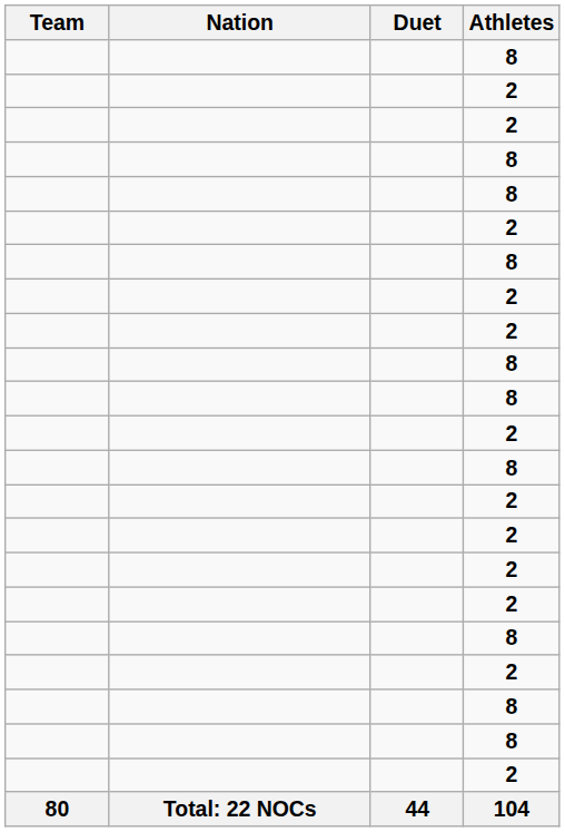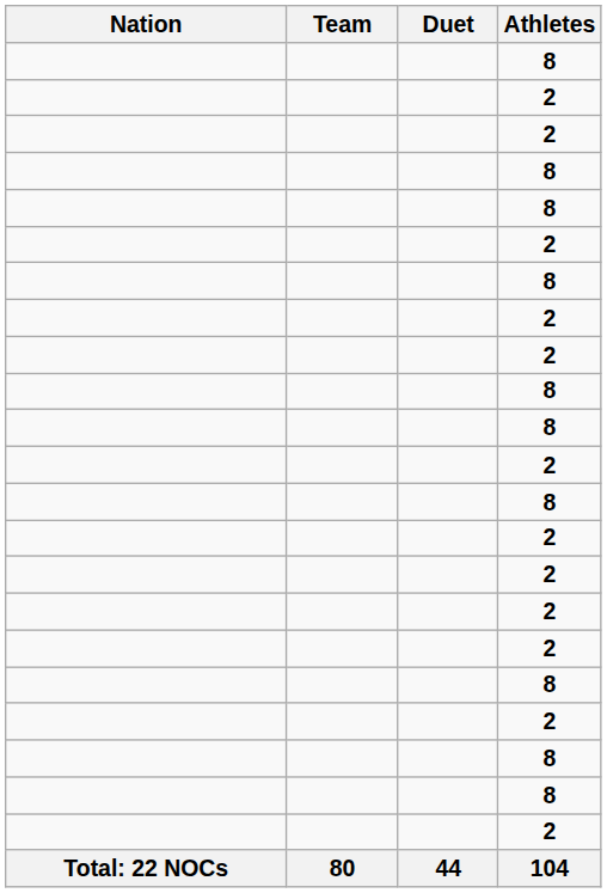 <table class="wikitable sortable" width=370 style="text-align:center; font-size:90%">
 <tr>
+<th>Nation</th>
 <th>Team</th>
-<th>Nation</th>
 <th>Duet</th>
 <th width=55>Athletes</th>
 </tr>
 <tr>
+<td style="text-align:left;"></td>
 <td></td>
-<td style="text-align:left;"></td>
 <td></td>
 <td><strong>8</strong></td>
 </tr>
 <tr>
+<td style="text-align:left;"></td>
 <td></td>
-<td style="text-align:left;"></td>
 <td></td>
 <td><strong>2</strong></td>
 </tr>
 <tr>
+<td style="text-align:left;"></td>
 <td></td>
-<td style="text-align:left;"></td>
 <td></td>
 <td><strong>2</strong></td>
 </tr>
 <tr>
+<td style="text-align:left;"></td>
 <td></td>
-<td style="text-align:left;"></td>
 <td></td>
 <td><strong>8</strong></td>
 </tr>
 <tr>
+<td style="text-align:left;"></td>
 <td></td>
-<td style="text-align:left;"></td>
 <td></td>
 <td><strong>8</strong></td>
 </tr>
 <tr>
+<td style="text-align:left;"></td>
 <td></td>
-<td style="text-align:left;"></td>
 <td></td>
 <td><strong>2</strong></td>
 </tr>
 <tr>
+<td style="text-align:left;"></td>
 <td></td>
-<td style="text-align:left;"></td>
 <td></td>
 <td><strong>8</strong></td>
 </tr>
 <tr>
+<td style="text-align:left;"></td>
 <td></td>
-<td style="text-align:left;"></td>
 <td></td>
 <td><strong>2</strong></td>
 </tr>
 <tr>
+<td style="text-align:left;"></td>
 <td></td>
-<td style="text-align:left;"></td>
 <td></td>
 <td><strong>2</strong></td>
 </tr>
 <tr>
+<td style="text-align:left;"></td>
 <td></td>
-<td style="text-align:left;"></td>
 <td></td>
 <td><strong>8</strong></td>
 </tr>
 <tr>
+<td style="text-align:left;"></td>
 <td></td>
-<td style="text-align:left;"></td>
 <td></td>
 <td><strong>8</strong></td>
 </tr>
 <tr>
+<td style="text-align:left;"></td>
 <td></td>
-<td style="text-align:left;"></td>
 <td></td>
 <td><strong>2</strong></td>
 </tr>
 <tr>
+<td style="text-align:left;"></td>
 <td></td>
-<td style="text-align:left;"></td>
 <td></td>
 <td><strong>8</strong></td>
 </tr>
 <tr>
+<td style="text-align:left;"></td>
 <td></td>
-<td style="text-align:left;"></td>
 <td></td>
 <td><strong>2</strong></td>
 </tr>
 <tr>
+<td style="text-align:left;"></td>
 <td></td>
-<td style="text-align:left;"></td>
 <td></td>
 <td><strong>2</strong></td>
 </tr>
 <tr>
+<td style="text-align:left;"></td>
 <td></td>
-<td style="text-align:left;"></td>
 <td></td>
 <td><strong>2</strong></td>
 </tr>
 <tr>
+<td style="text-align:left;"></td>
 <td></td>
-<td style="text-align:left;"></td>
 <td></td>
 <td><strong>2</strong></td>
 </tr>
 <tr>
+<td style="text-align:left;"></td>
 <td></td>
-<td style="text-align:left;"></td>
 <td></td>
 <td><strong>8</strong></td>
 </tr>
 <tr>
+<td style="text-align:left;"></td>
 <td></td>
-<td style="text-align:left;"></td>
 <td></td>
 <td><strong>2</strong></td>
 </tr>
 <tr>
+<td style="text-align:left;"></td>
 <td></td>
-<td style="text-align:left;"></td>
 <td></td>
 <td><strong>8</strong></td>
 </tr>
 <tr>
+<td style="text-align:left;"></td>
 <td></td>
-<td style="text-align:left;"></td>
 <td></td>
 <td><strong>8</strong></td>
 </tr>
 <tr>
+<td style="text-align:left;"></td>
 <td></td>
-<td style="text-align:left;"></td>
 <td></td>
 <td><strong>2</strong></td>
 </tr>
 <tr>
+<th>Total: 22 NOCs</th>
 <th>80</th>
-<th>Total: 22 NOCs</th>
 <th>44</th>
 <th>104</th>
 </tr>
 </table>
